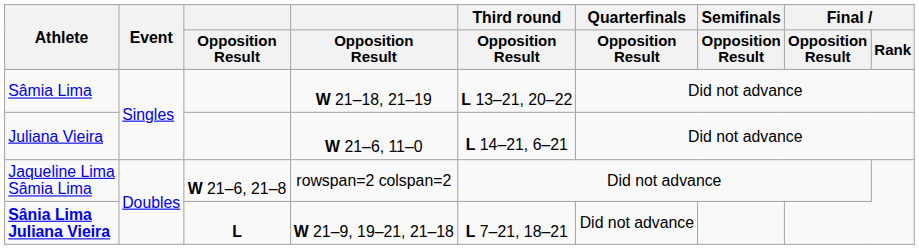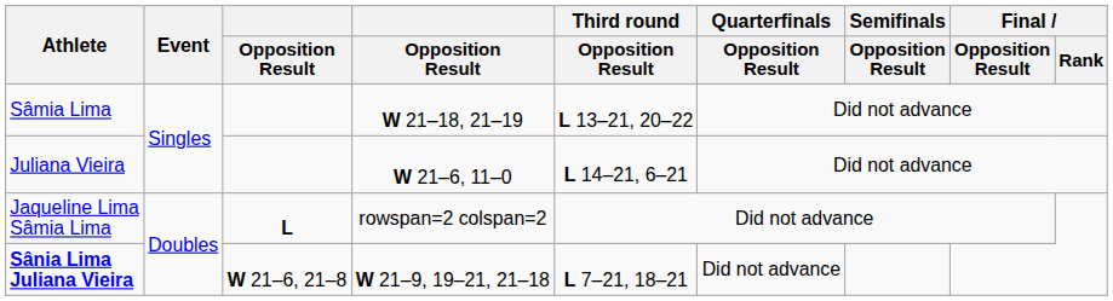 <table class=wikitable style=font-size:90%;text-align:center>
 <tr>
 <th rowspan=2>Athlete</th>
 <th rowspan=2>Event</th>
 <th></th>
 <th></th>
 <th>Third round</th>
 <th>Quarterfinals</th>
 <th>Semifinals</th>
 <th colspan=2>Final / </th>
 </tr>
 <tr style=font-size:95%>
 <th>Opposition<br>Result</th>
 <th>Opposition<br>Result</th>
 <th>Opposition<br>Result</th>
 <th>Opposition<br>Result</th>
 <th>Opposition<br>Result</th>
 <th>Opposition<br>Result</th>
 <th>Rank</th>
 </tr>
 <tr>
 <td align=left><a href='#'>Sâmia Lima</a></td>
 <td align=left rowspan=2><a href='#'>Singles</a></td>
 <td></td>
 <td><br><strong>W</strong> 21–18, 21–19</td>
 <td><br><strong>L</strong> 13–21, 20–22</td>
 <td colspan=4>Did not advance</td>
 </tr>
 <tr>
 <td align=left><a href='#'>Juliana Vieira</a></td>
 <td></td>
 <td><br><strong>W</strong> 21–6, 11–0 <sup></sup></td>
 <td><br><strong>L</strong> 14–21, 6–21</td>
 <td colspan=4>Did not advance</td>
 </tr>
 <tr>
 <td align=left><a href='#'>Jaqueline Lima</a><br><a href='#'>Sâmia Lima</a></td>
 <td align=left rowspan=2><a href='#'>Doubles</a></td>
-<td><br><strong>W</strong> 21–6, 21–8</td>
+<td><br><strong>L</strong> </td>
 <td>rowspan=2 colspan=2 </td>
 <td colspan=4>Did not advance</td>
 </tr>
 <tr>
 <td align=left><strong><a href='#'>Sânia Lima</a><br><a href='#'>Juliana Vieira</a></strong></td>
-<td><br><strong>L</strong> </td>
+<td><br><strong>W</strong> 21–6, 21–8</td>
 <td><br><strong>W</strong> 21–9, 19–21, 21–18</td>
 <td><br><strong>L</strong> 7–21, 18–21</td>
 <td>Did not advance</td>
 <td></td>
 </tr>
 </table>
